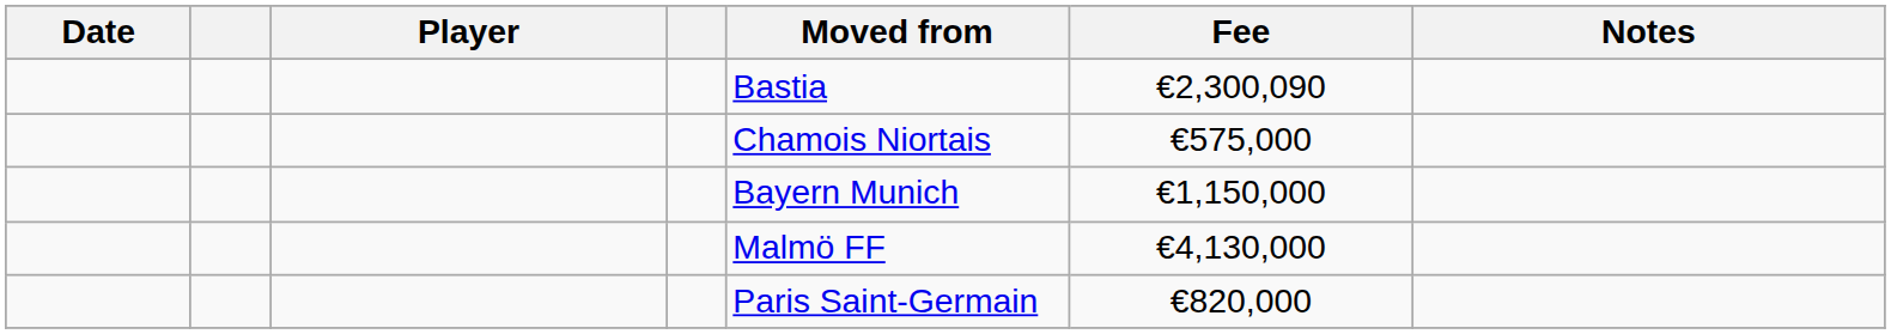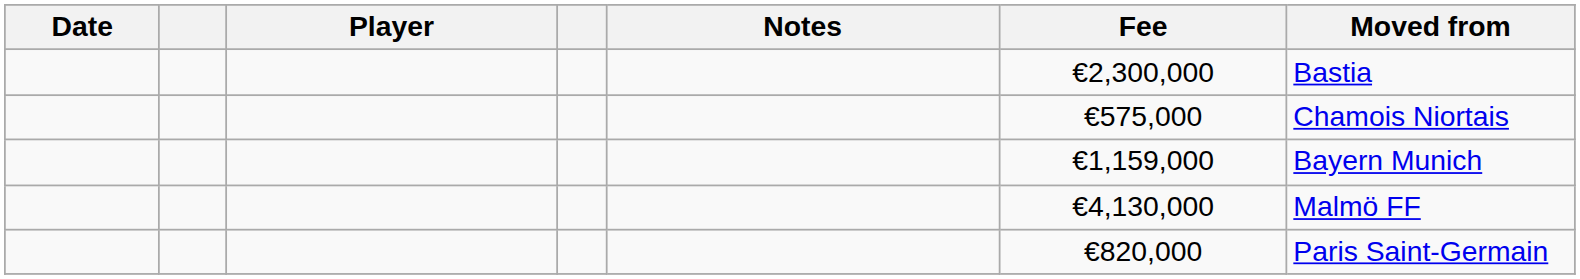 <table class="wikitable sortable">
 <tr>
 <th style="width:80px;">Date</th>
 <th style="width:30px;"></th>
 <th style="width:180px;">Player</th>
 <th style="width:20px;"></th>
+<th style="width:215px;" class="unsortable">Notes</th>
+<th style="width:155px;" class="unsortable">Fee</th>
 <th style="width:155px;">Moved from</th>
-<th style="width:155px;" class="unsortable">Fee</th>
-<th style="width:215px;" class="unsortable">Notes</th>
 </tr>
 <tr>
 <td></td>
 <td align=center></td>
 <td> </td>
 <td></td>
+<td align=center></td>
+<td align=center>€2,300,000</td>
 <td> <a href='#'>Bastia</a></td>
-<td align=center>€2,300,090</td>
-<td align=center></td>
 </tr>
 <tr>
 <td></td>
 <td align=center></td>
 <td> </td>
 <td></td>
+<td align=center></td>
+<td align=center>€575,000</td>
 <td> <a href='#'>Chamois Niortais</a></td>
-<td align=center>€575,000</td>
-<td align=center></td>
 </tr>
 <tr>
 <td></td>
 <td align=center></td>
 <td> </td>
 <td></td>
+<td align=center></td>
+<td align=center>€1,159,000</td>
 <td> <a href='#'>Bayern Munich</a></td>
-<td align=center>€1,150,000</td>
-<td align=center></td>
 </tr>
 <tr>
 <td></td>
 <td align=center></td>
 <td> </td>
 <td></td>
+<td align=center></td>
+<td align=center>€4,130,000</td>
 <td> <a href='#'>Malmö FF</a></td>
-<td align=center>€4,130,000</td>
-<td align=center></td>
 </tr>
 <tr>
 <td></td>
 <td align=center></td>
 <td> </td>
 <td></td>
+<td align=center></td>
+<td align=center>€820,000</td>
 <td> <a href='#'>Paris Saint-Germain</a></td>
-<td align=center>€820,000</td>
-<td align=center></td>
 </tr>
 </table>
